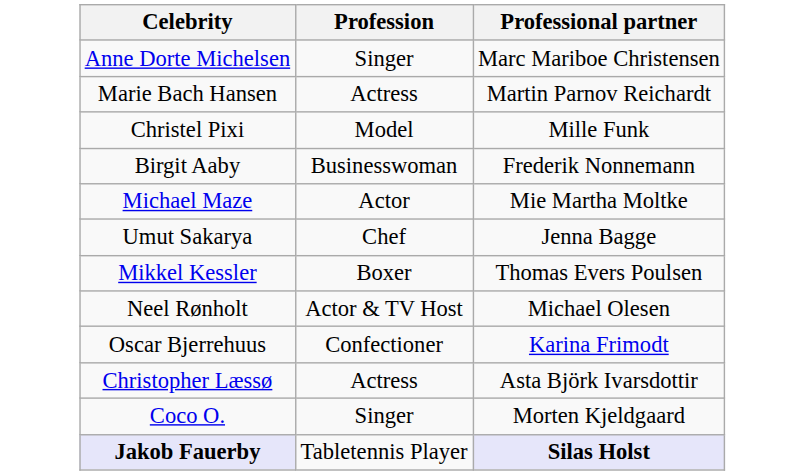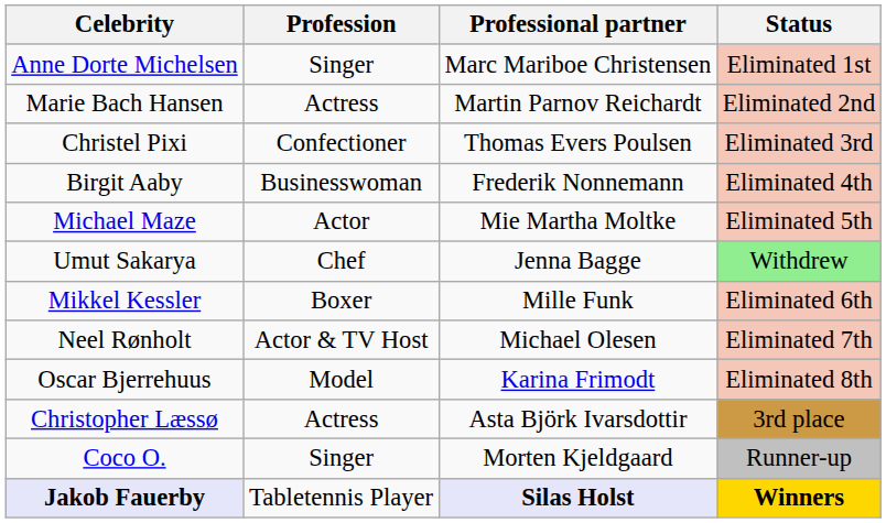 <table class= "wikitable sortable" style="text-align: center; margin:auto; align: center">
 <tr>
 <th>Celebrity</th>
 <th>Profession</th>
 <th>Professional partner</th>
+<th>Status</th>
 </tr>
 <tr>
 <td><a href='#'>Anne Dorte Michelsen</a></td>
 <td>Singer</td>
 <td>Marc Mariboe Christensen</td>
+<td style="background:#f4c7b8;">Eliminated 1st</td>
 </tr>
 <tr>
 <td>Marie Bach Hansen</td>
 <td>Actress</td>
 <td>Martin Parnov Reichardt</td>
+<td style="background:#f4c7b8;">Eliminated 2nd</td>
 </tr>
 <tr>
 <td>Christel Pixi</td>
-<td>Model</td>
-<td>Mille Funk</td>
+<td>Confectioner</td>
+<td>Thomas Evers Poulsen</td>
+<td style="background:#f4c7b8;">Eliminated 3rd</td>
 </tr>
 <tr>
 <td>Birgit Aaby</td>
 <td>Businesswoman</td>
 <td>Frederik Nonnemann</td>
+<td style="background:#f4c7b8;">Eliminated 4th</td>
 </tr>
 <tr>
 <td><a href='#'>Michael Maze</a></td>
 <td>Actor</td>
 <td>Mie Martha Moltke</td>
+<td style="background:#f4c7b8;">Eliminated 5th</td>
 </tr>
 <tr>
 <td>Umut Sakarya</td>
 <td>Chef</td>
 <td>Jenna Bagge</td>
+<td style="background:lightgreen;">Withdrew</td>
 </tr>
 <tr>
 <td><a href='#'>Mikkel Kessler</a></td>
 <td>Boxer</td>
-<td>Thomas Evers Poulsen</td>
+<td>Mille Funk</td>
+<td style="background:#f4c7b8;">Eliminated 6th</td>
 </tr>
 <tr>
 <td>Neel Rønholt</td>
 <td>Actor & TV Host</td>
 <td>Michael Olesen</td>
+<td style="background:#f4c7b8;">Eliminated 7th</td>
 </tr>
 <tr>
 <td>Oscar Bjerrehuus</td>
-<td>Confectioner</td>
+<td>Model</td>
 <td><a href='#'>Karina Frimodt</a></td>
+<td style="background:#f4c7b8;">Eliminated 8th</td>
 </tr>
 <tr>
 <td><a href='#'>Christopher Læssø</a></td>
 <td>Actress</td>
 <td>Asta Björk Ivarsdottir</td>
+<td style="background:#c94;">3rd place</td>
 </tr>
 <tr>
 <td><a href='#'>Coco O.</a></td>
 <td>Singer</td>
 <td>Morten Kjeldgaard</td>
+<td style="background:silver;">Runner-up</td>
 </tr>
 <tr>
 <td style="background:lavender;"><strong>Jakob Fauerby</strong></td>
 <td>Tabletennis Player</td>
 <td style="background:lavender;"><strong>Silas Holst</strong></td>
+<td style="background:gold;"><strong>Winners</strong></td>
 </tr>
 </table>
